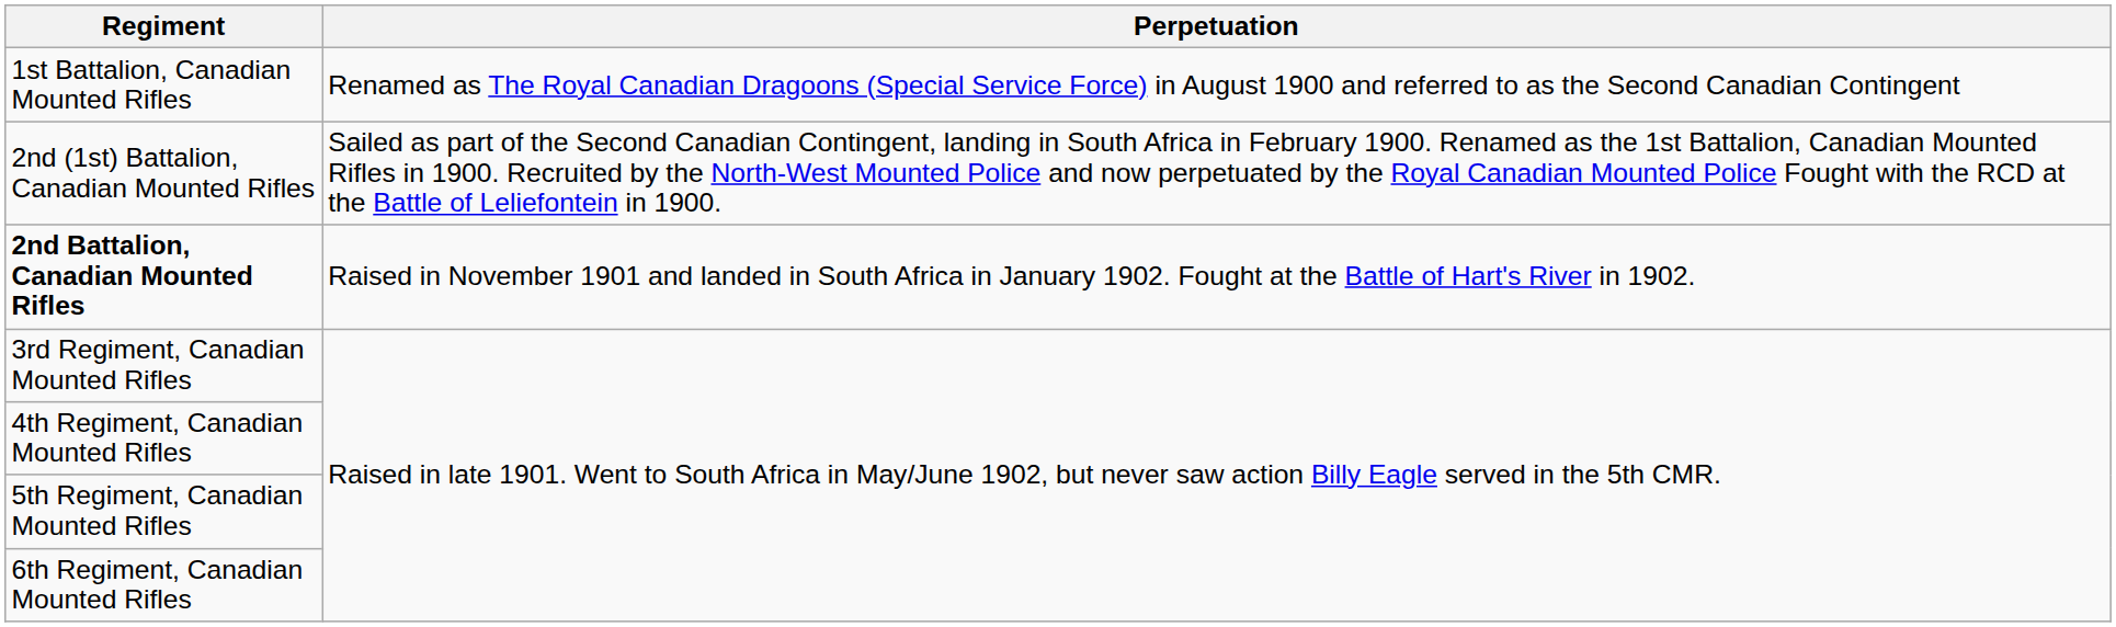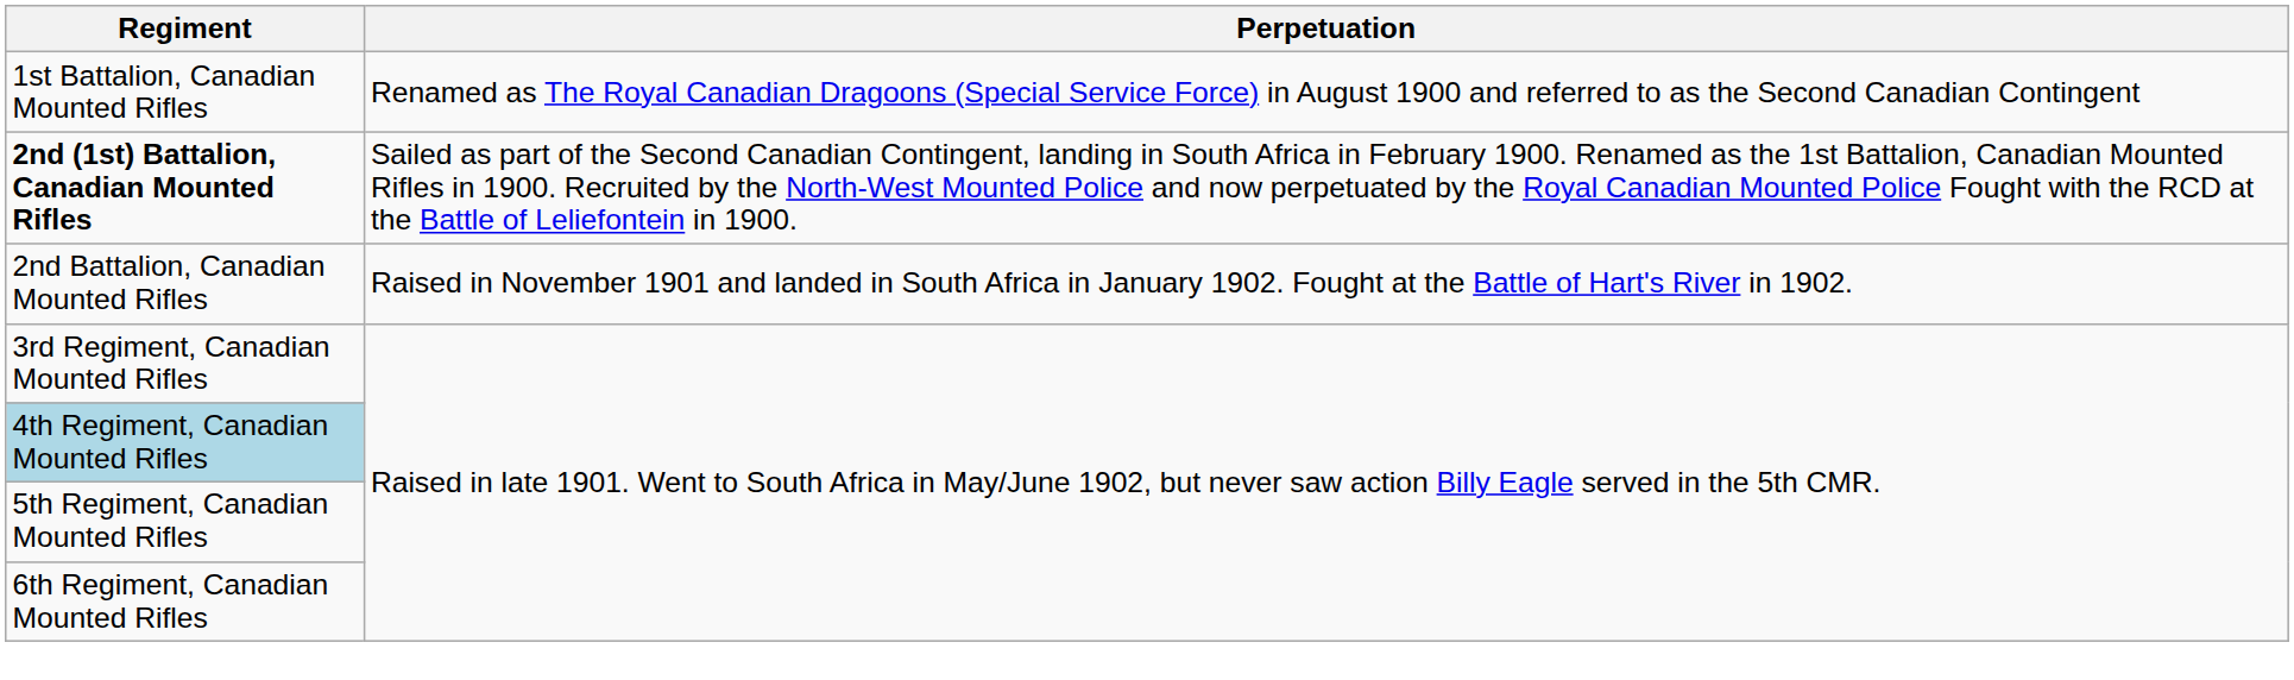 <table class="wikitable">
 <tr>
 <th>Regiment</th>
 <th>Perpetuation</th>
 </tr>
 <tr>
 <td>1st Battalion, Canadian Mounted Rifles</td>
 <td>Renamed as <a href='#'>The Royal Canadian Dragoons (Special Service Force)</a> in August 1900 and referred to as the Second Canadian Contingent</td>
 </tr>
 <tr>
-<td>2nd (1st) Battalion, Canadian Mounted Rifles</td>
+<td><strong>2nd (1st) Battalion, Canadian Mounted Rifles</strong></td>
 <td>Sailed as part of the Second Canadian Contingent, landing in South Africa in February 1900. Renamed as the 1st Battalion, Canadian Mounted Rifles in 1900. Recruited by the <a href='#'>North-West Mounted Police</a> and now perpetuated by the <a href='#'>Royal Canadian Mounted Police</a> Fought with the RCD at the <a href='#'>Battle of Leliefontein</a> in 1900.</td>
 </tr>
 <tr>
-<td><strong>2nd Battalion, Canadian Mounted Rifles</strong></td>
+<td>2nd Battalion, Canadian Mounted Rifles</td>
 <td>Raised in November 1901 and landed in South Africa in January 1902. Fought at the <a href='#'>Battle of Hart's River</a> in 1902.</td>
 </tr>
 <tr>
 <td>3rd Regiment, Canadian Mounted Rifles</td>
 <td rowspan="4">Raised in late 1901. Went to South Africa in May/June 1902, but never saw action <a href='#'>Billy Eagle</a> served in the 5th CMR.</td>
 </tr>
 <tr>
-<td>4th Regiment, Canadian Mounted Rifles</td>
+<td style="background: lightblue;">4th Regiment, Canadian Mounted Rifles</td>
 </tr>
 <tr>
 <td>5th Regiment, Canadian Mounted Rifles</td>
 </tr>
 <tr>
 <td>6th Regiment, Canadian Mounted Rifles</td>
 </tr>
 </table>
